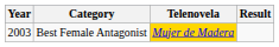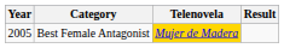 <table class="wikitable">
 <tr style="background:#b0c4de;">
 <th>Year</th>
 <th>Category</th>
 <th>Telenovela</th>
 <th>Result</th>
 </tr>
 <tr>
-<td>2003</td>
+<td>2005</td>
 <td>Best Female Antagonist</td>
 <td style="background: gold;"><em><a href='#'>Mujer de Madera</a></em></td>
 <td></td>
 </tr>
 </table>
